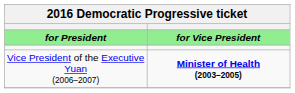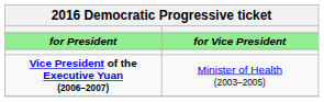 <table class="wikitable" style="font-size:90%; text-align:center;">
 <tr>
 <td colspan="28" style="background:#f1f1f1;"><big><strong>2016 Democratic Progressive ticket</strong></big></td>
 </tr>
 <tr>
 <th style="width:3em; font-size:135%; background:"></th>
 <th style="width:3em; font-size:135%; background:"></th>
 </tr>
 <tr style="color:#000; font-size:100%; background:lightgreen;">
 <td style="width:3em; width:200px;"><strong><em>for President</em></strong></td>
 <td style="width:3em; width:200px;"><strong><em>for Vice President</em></strong></td>
 </tr>
 <tr>
 <td></td>
 <td></td>
 </tr>
 <tr>
-<td><a href='#'>Vice President</a> of the <a href='#'>Executive Yuan</a><br><small>(2006–2007)</small></td>
-<td><strong><a href='#'>Minister of Health</a><br><small>(2003–2005)</small></strong></td>
+<td><strong><a href='#'>Vice President</a> of the <a href='#'>Executive Yuan</a><br><small>(2006–2007)</small></strong></td>
+<td><a href='#'>Minister of Health</a><br><small>(2003–2005)</small></td>
 </tr>
 <tr>
 </tr>
 </table>
